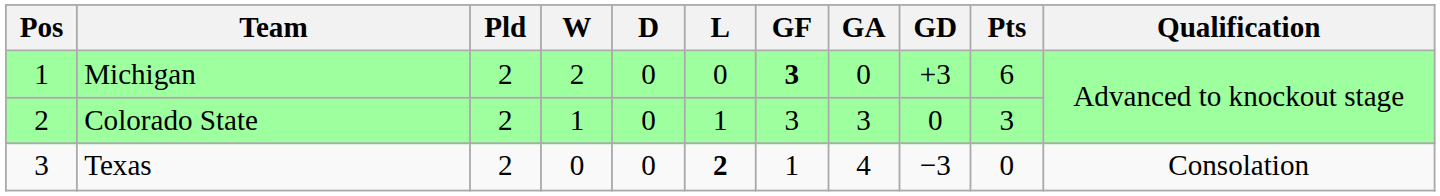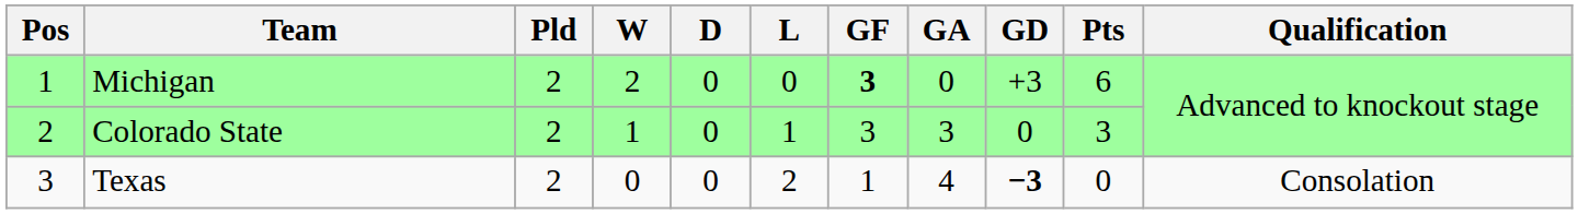 <table class="wikitable" style="text-align:center; margin: 1em auto">
 <tr>
 <th style=width:2em>Pos</th>
 <th style=width:13em>Team</th>
 <th style=width:2em>Pld</th>
 <th style=width:2em>W</th>
 <th style=width:2em>D</th>
 <th style=width:2em>L</th>
 <th style=width:2em>GF</th>
 <th style=width:2em>GA</th>
 <th style=width:2em>GD</th>
 <th style=width:2em>Pts</th>
 <th style=width:13em>Qualification</th>
 </tr>
 <tr bgcolor="#9eff9e">
 <td>1</td>
 <td style="text-align:left">Michigan</td>
 <td>2</td>
 <td>2</td>
 <td>0</td>
 <td>0</td>
 <td><strong>3</strong></td>
 <td>0</td>
 <td>+3</td>
 <td>6</td>
 <td rowspan="2">Advanced to knockout stage</td>
 </tr>
 <tr bgcolor="#9eff9e">
 <td>2</td>
 <td style="text-align:left">Colorado State</td>
 <td>2</td>
 <td>1</td>
 <td>0</td>
 <td>1</td>
 <td>3</td>
 <td>3</td>
 <td>0</td>
 <td>3</td>
 </tr>
 <tr>
 <td>3</td>
 <td style="text-align:left">Texas</td>
 <td>2</td>
 <td>0</td>
 <td>0</td>
-<td><strong>2</strong></td>
+<td>2</td>
 <td>1</td>
 <td>4</td>
-<td>−3</td>
+<td><strong>−3</strong></td>
 <td>0</td>
 <td>Consolation</td>
 </tr>
 </table>
